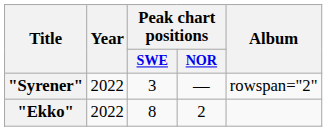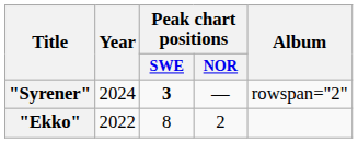 <table class="wikitable plainrowheaders" style="text-align:center;">
 <tr>
 <th scope="col" rowspan="2">Title</th>
 <th scope="col" rowspan="2">Year</th>
 <th scope="col" colspan="2">Peak chart positions</th>
 <th scope="col" rowspan="2">Album</th>
 </tr>
 <tr>
 <th scope="col" style="width:3em;font-size:85%;"><a href='#'>SWE</a><br></th>
 <th scope="col" style="width:3em;font-size:85%;"><a href='#'>NOR</a><br></th>
 </tr>
 <tr>
 <th scope="row">"Syrener"</th>
-<td>2022</td>
-<td>3</td>
+<td>2024</td>
+<td><strong>3</strong></td>
 <td>—</td>
 <td>rowspan="2" </td>
 </tr>
 <tr>
 <th scope="row">"Ekko"<br></th>
 <td>2022</td>
 <td>8</td>
 <td>2</td>
 </tr>
 </table>
